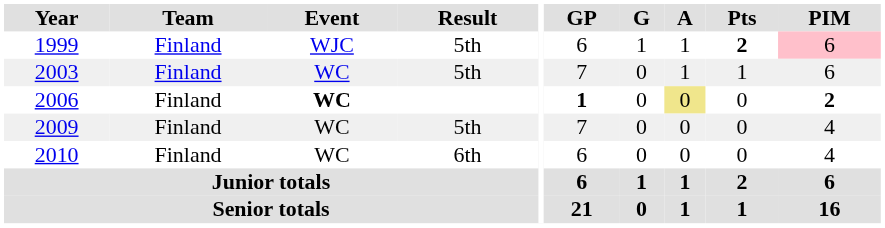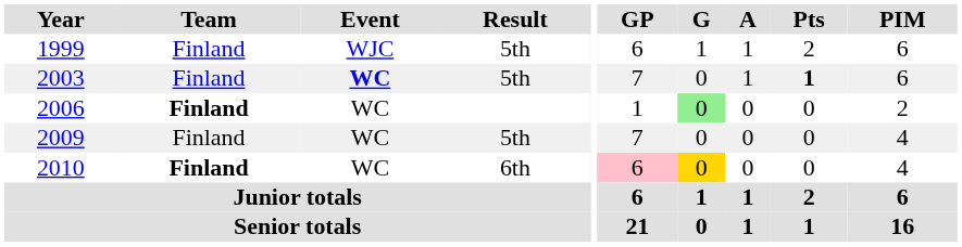 <table border="0" cellpadding="1" cellspacing="0" ID="Table3" style="text-align:center; width:40em">
 <tr ALIGN="center" bgcolor="#e0e0e0">
 <th>Year</th>
 <th>Team</th>
 <th>Event</th>
 <th>Result</th>
 <th rowspan="99" bgcolor="#ffffff"></th>
 <th>GP</th>
 <th>G</th>
 <th>A</th>
 <th>Pts</th>
 <th>PIM</th>
 </tr>
 <tr>
 <td><a href='#'>1999</a></td>
 <td><a href='#'>Finland</a></td>
 <td><a href='#'>WJC</a></td>
 <td>5th</td>
 <td>6</td>
 <td>1</td>
 <td>1</td>
-<td><strong>2</strong></td>
-<td style="background: pink;">6</td>
+<td>2</td>
+<td>6</td>
 </tr>
 <tr bgcolor="#f0f0f0">
 <td><a href='#'>2003</a></td>
 <td><a href='#'>Finland</a></td>
-<td><a href='#'>WC</a></td>
+<td><strong><a href='#'>WC</a></strong></td>
 <td>5th</td>
 <td>7</td>
 <td>0</td>
 <td>1</td>
-<td>1</td>
+<td><strong>1</strong></td>
 <td>6</td>
 </tr>
 <tr>
 <td><a href='#'>2006</a></td>
-<td>Finland</td>
-<td><strong>WC</strong></td>
+<td><strong>Finland</strong></td>
+<td>WC</td>
 <td></td>
-<td><strong>1</strong></td>
+<td>1</td>
+<td style="background: lightgreen;">0</td>
 <td>0</td>
-<td style="background: khaki;">0</td>
 <td>0</td>
-<td><strong>2</strong></td>
+<td>2</td>
 </tr>
 <tr bgcolor="#f0f0f0">
 <td><a href='#'>2009</a></td>
 <td>Finland</td>
 <td>WC</td>
 <td>5th</td>
 <td>7</td>
 <td>0</td>
 <td>0</td>
 <td>0</td>
 <td>4</td>
 </tr>
 <tr>
 <td><a href='#'>2010</a></td>
-<td>Finland</td>
+<td><strong>Finland</strong></td>
 <td>WC</td>
 <td>6th</td>
-<td>6</td>
-<td>0</td>
+<td style="background: pink;">6</td>
+<td style="background: gold;">0</td>
 <td>0</td>
 <td>0</td>
 <td>4</td>
 </tr>
 <tr bgcolor="#e0e0e0">
 <th colspan="4">Junior totals</th>
 <th>6</th>
 <th>1</th>
 <th>1</th>
 <th>2</th>
 <th>6</th>
 </tr>
 <tr bgcolor="#e0e0e0">
 <th colspan="4">Senior totals</th>
 <th>21</th>
 <th>0</th>
 <th>1</th>
 <th>1</th>
 <th>16</th>
 </tr>
 </table>
